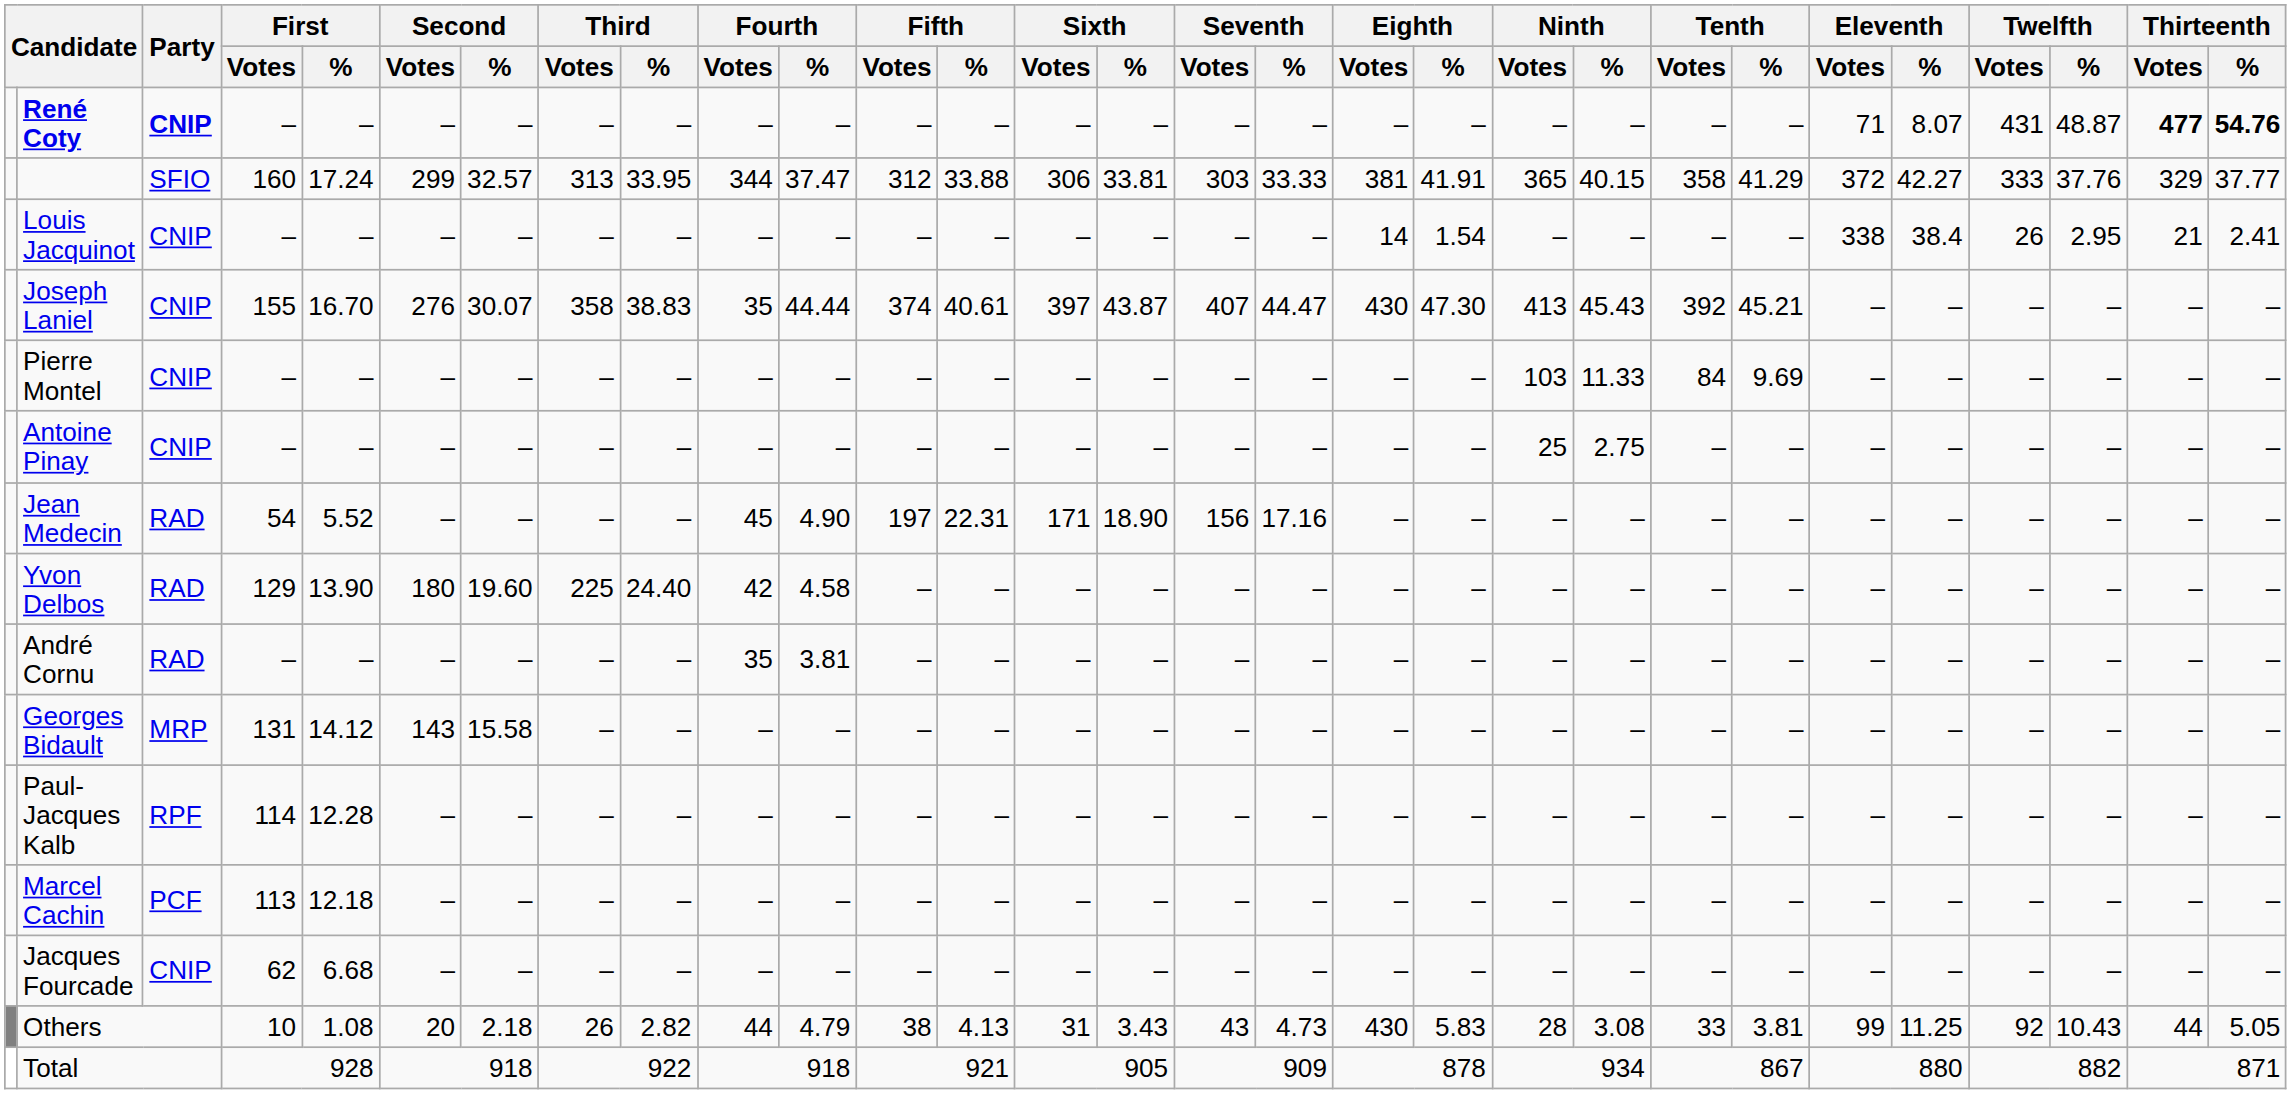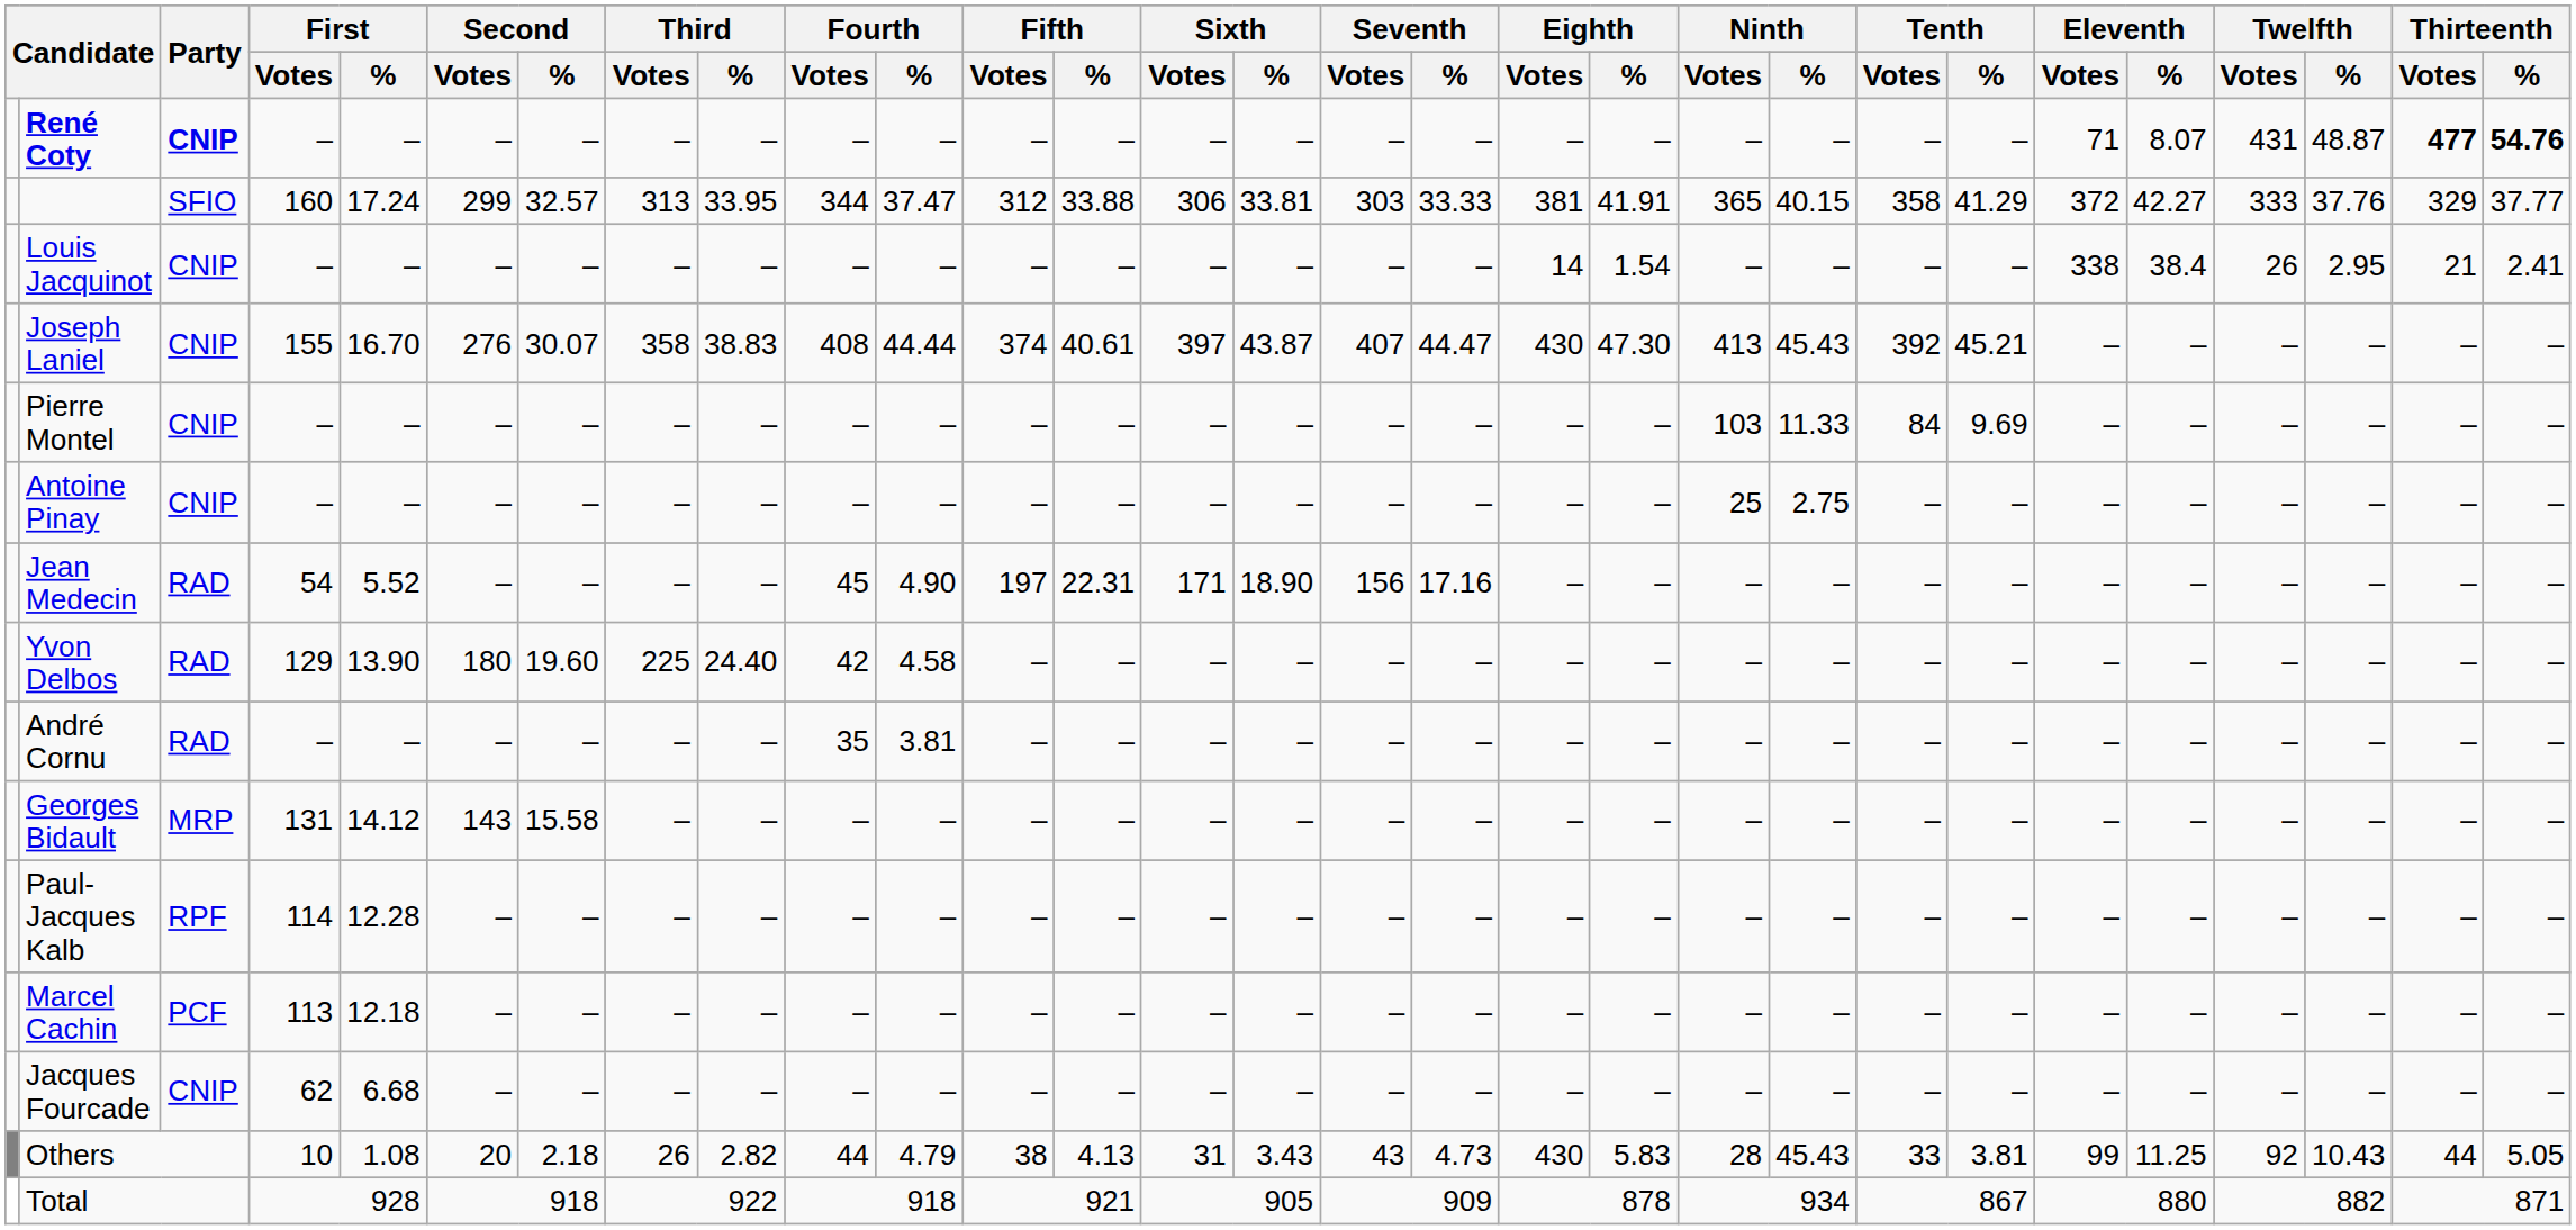 <table class=wikitable style="text-align:right; font-size:95%">
 <tr>
 <th colspan=2 rowspan=2>Candidate</th>
 <th rowspan=2>Party</th>
 <th colspan=2>First</th>
 <th colspan=2>Second</th>
 <th colspan=2>Third</th>
 <th colspan=2>Fourth</th>
 <th colspan=2>Fifth</th>
 <th colspan=2>Sixth</th>
 <th colspan=2>Seventh</th>
 <th colspan=2>Eighth</th>
 <th colspan=2>Ninth</th>
 <th colspan=2>Tenth</th>
 <th colspan=2>Eleventh</th>
 <th colspan=2>Twelfth</th>
 <th colspan=2>Thirteenth</th>
 </tr>
 <tr>
 <th>Votes</th>
 <th>%</th>
 <th>Votes</th>
 <th>%</th>
 <th>Votes</th>
 <th>%</th>
 <th>Votes</th>
 <th>%</th>
 <th>Votes</th>
 <th>%</th>
 <th>Votes</th>
 <th>%</th>
 <th>Votes</th>
 <th>%</th>
 <th>Votes</th>
 <th>%</th>
 <th>Votes</th>
 <th>%</th>
 <th>Votes</th>
 <th>%</th>
 <th>Votes</th>
 <th>%</th>
 <th>Votes</th>
 <th>%</th>
 <th>Votes</th>
 <th>%</th>
 </tr>
 <tr>
 <td style="background-color:"></td>
 <td align="left"><strong><a href='#'>René Coty</a></strong></td>
 <td align="left"><a href='#'><strong>CNIP</strong></a></td>
 <td>–</td>
 <td>–</td>
 <td>–</td>
 <td>–</td>
 <td>–</td>
 <td>–</td>
 <td>–</td>
 <td>–</td>
 <td>–</td>
 <td>–</td>
 <td>–</td>
 <td>–</td>
 <td>–</td>
 <td>–</td>
 <td>–</td>
 <td>–</td>
 <td>–</td>
 <td>–</td>
 <td>–</td>
 <td>–</td>
 <td>71</td>
 <td>8.07</td>
 <td>431</td>
 <td>48.87</td>
 <td><strong>477</strong></td>
 <td><strong>54.76</strong></td>
 </tr>
 <tr>
 <td style="background-color:"></td>
 <td align=left></td>
 <td align=left><a href='#'>SFIO</a></td>
 <td>160</td>
 <td>17.24</td>
 <td>299</td>
 <td>32.57</td>
 <td>313</td>
 <td>33.95</td>
 <td>344</td>
 <td>37.47</td>
 <td>312</td>
 <td>33.88</td>
 <td>306</td>
 <td>33.81</td>
 <td>303</td>
 <td>33.33</td>
 <td>381</td>
 <td>41.91</td>
 <td>365</td>
 <td>40.15</td>
 <td>358</td>
 <td>41.29</td>
 <td>372</td>
 <td>42.27</td>
 <td>333</td>
 <td>37.76</td>
 <td>329</td>
 <td>37.77</td>
 </tr>
 <tr>
 <td style="background-color:"></td>
 <td align="left"><a href='#'>Louis Jacquinot</a></td>
 <td align="left"><a href='#'>CNIP</a></td>
 <td>–</td>
 <td>–</td>
 <td>–</td>
 <td>–</td>
 <td>–</td>
 <td>–</td>
 <td>–</td>
 <td>–</td>
 <td>–</td>
 <td>–</td>
 <td>–</td>
 <td>–</td>
 <td>–</td>
 <td>–</td>
 <td>14</td>
 <td>1.54</td>
 <td>–</td>
 <td>–</td>
 <td>–</td>
 <td>–</td>
 <td>338</td>
 <td>38.4</td>
 <td>26</td>
 <td>2.95</td>
 <td>21</td>
 <td>2.41</td>
 </tr>
 <tr>
 <td style="background-color:"></td>
 <td align=left><a href='#'>Joseph Laniel</a></td>
 <td align=left><a href='#'>CNIP</a></td>
 <td>155</td>
 <td>16.70</td>
 <td>276</td>
 <td>30.07</td>
 <td>358</td>
 <td>38.83</td>
-<td>35</td>
+<td>408</td>
 <td>44.44</td>
 <td>374</td>
 <td>40.61</td>
 <td>397</td>
 <td>43.87</td>
 <td>407</td>
 <td>44.47</td>
 <td>430</td>
 <td>47.30</td>
 <td>413</td>
 <td>45.43</td>
 <td>392</td>
 <td>45.21</td>
 <td>–</td>
 <td>–</td>
 <td>–</td>
 <td>–</td>
 <td>–</td>
 <td>–</td>
 </tr>
 <tr>
 <td style="background-color:"></td>
 <td align="left">Pierre Montel</td>
 <td align="left"><a href='#'>CNIP</a></td>
 <td>–</td>
 <td>–</td>
 <td>–</td>
 <td>–</td>
 <td>–</td>
 <td>–</td>
 <td>–</td>
 <td>–</td>
 <td>–</td>
 <td>–</td>
 <td>–</td>
 <td>–</td>
 <td>–</td>
 <td>–</td>
 <td>–</td>
 <td>–</td>
 <td>103</td>
 <td>11.33</td>
 <td>84</td>
 <td>9.69</td>
 <td>–</td>
 <td>–</td>
 <td>–</td>
 <td>–</td>
 <td>–</td>
 <td>–</td>
 </tr>
 <tr>
 <td style="background-color:"></td>
 <td align="left"><a href='#'>Antoine Pinay</a></td>
 <td align="left"><a href='#'>CNIP</a></td>
 <td>–</td>
 <td>–</td>
 <td>–</td>
 <td>–</td>
 <td>–</td>
 <td>–</td>
 <td>–</td>
 <td>–</td>
 <td>–</td>
 <td>–</td>
 <td>–</td>
 <td>–</td>
 <td>–</td>
 <td>–</td>
 <td>–</td>
 <td>–</td>
 <td>25</td>
 <td>2.75</td>
 <td>–</td>
 <td>–</td>
 <td>–</td>
 <td>–</td>
 <td>–</td>
 <td>–</td>
 <td>–</td>
 <td>–</td>
 </tr>
 <tr>
 <td style="background-color:"></td>
 <td align="left"><a href='#'>Jean Medecin</a></td>
 <td align="left"><a href='#'>RAD</a></td>
 <td>54</td>
 <td>5.52</td>
 <td>–</td>
 <td>–</td>
 <td>–</td>
 <td>–</td>
 <td>45</td>
 <td>4.90</td>
 <td>197</td>
 <td>22.31</td>
 <td>171</td>
 <td>18.90</td>
 <td>156</td>
 <td>17.16</td>
 <td>–</td>
 <td>–</td>
 <td>–</td>
 <td>–</td>
 <td>–</td>
 <td>–</td>
 <td>–</td>
 <td>–</td>
 <td>–</td>
 <td>–</td>
 <td>–</td>
 <td>–</td>
 </tr>
 <tr>
 <td style="background-color:"></td>
 <td align="left"><a href='#'>Yvon Delbos</a></td>
 <td align="left"><a href='#'>RAD</a></td>
 <td>129</td>
 <td>13.90</td>
 <td>180</td>
 <td>19.60</td>
 <td>225</td>
 <td>24.40</td>
 <td>42</td>
 <td>4.58</td>
 <td>–</td>
 <td>–</td>
 <td>–</td>
 <td>–</td>
 <td>–</td>
 <td>–</td>
 <td>–</td>
 <td>–</td>
 <td>–</td>
 <td>–</td>
 <td>–</td>
 <td>–</td>
 <td>–</td>
 <td>–</td>
 <td>–</td>
 <td>–</td>
 <td>–</td>
 <td>–</td>
 </tr>
 <tr>
 <td style="background-color:"></td>
 <td align="left">André Cornu</td>
 <td align="left"><a href='#'>RAD</a></td>
 <td>–</td>
 <td>–</td>
 <td>–</td>
 <td>–</td>
 <td>–</td>
 <td>–</td>
 <td>35</td>
 <td>3.81</td>
 <td>–</td>
 <td>–</td>
 <td>–</td>
 <td>–</td>
 <td>–</td>
 <td>–</td>
 <td>–</td>
 <td>–</td>
 <td>–</td>
 <td>–</td>
 <td>–</td>
 <td>–</td>
 <td>–</td>
 <td>–</td>
 <td>–</td>
 <td>–</td>
 <td>–</td>
 <td>–</td>
 </tr>
 <tr>
 <td style="background-color:"></td>
 <td align=left><a href='#'>Georges Bidault</a></td>
 <td align=left><a href='#'>MRP</a></td>
 <td>131</td>
 <td>14.12</td>
 <td>143</td>
 <td>15.58</td>
 <td>–</td>
 <td>–</td>
 <td>–</td>
 <td>–</td>
 <td>–</td>
 <td>–</td>
 <td>–</td>
 <td>–</td>
 <td>–</td>
 <td>–</td>
 <td>–</td>
 <td>–</td>
 <td>–</td>
 <td>–</td>
 <td>–</td>
 <td>–</td>
 <td>–</td>
 <td>–</td>
 <td>–</td>
 <td>–</td>
 <td>–</td>
 <td>–</td>
 </tr>
 <tr>
 <td style="background-color:"></td>
 <td align=left>Paul-Jacques Kalb</td>
 <td align=left><a href='#'>RPF</a></td>
 <td>114</td>
 <td>12.28</td>
 <td>–</td>
 <td>–</td>
 <td>–</td>
 <td>–</td>
 <td>–</td>
 <td>–</td>
 <td>–</td>
 <td>–</td>
 <td>–</td>
 <td>–</td>
 <td>–</td>
 <td>–</td>
 <td>–</td>
 <td>–</td>
 <td>–</td>
 <td>–</td>
 <td>–</td>
 <td>–</td>
 <td>–</td>
 <td>–</td>
 <td>–</td>
 <td>–</td>
 <td>–</td>
 <td>–</td>
 </tr>
 <tr>
 <td style="background-color:"></td>
 <td align=left><a href='#'>Marcel Cachin</a></td>
 <td align=left><a href='#'>PCF</a></td>
 <td>113</td>
 <td>12.18</td>
 <td>–</td>
 <td>–</td>
 <td>–</td>
 <td>–</td>
 <td>–</td>
 <td>–</td>
 <td>–</td>
 <td>–</td>
 <td>–</td>
 <td>–</td>
 <td>–</td>
 <td>–</td>
 <td>–</td>
 <td>–</td>
 <td>–</td>
 <td>–</td>
 <td>–</td>
 <td>–</td>
 <td>–</td>
 <td>–</td>
 <td>–</td>
 <td>–</td>
 <td>–</td>
 <td>–</td>
 </tr>
 <tr>
 <td style="background-color:"></td>
 <td align=left>Jacques Fourcade</td>
 <td align=left><a href='#'>CNIP</a></td>
 <td>62</td>
 <td>6.68</td>
 <td>–</td>
 <td>–</td>
 <td>–</td>
 <td>–</td>
 <td>–</td>
 <td>–</td>
 <td>–</td>
 <td>–</td>
 <td>–</td>
 <td>–</td>
 <td>–</td>
 <td>–</td>
 <td>–</td>
 <td>–</td>
 <td>–</td>
 <td>–</td>
 <td>–</td>
 <td>–</td>
 <td>–</td>
 <td>–</td>
 <td>–</td>
 <td>–</td>
 <td>–</td>
 <td>–</td>
 </tr>
 <tr>
 <td bgcolor="gray"></td>
 <td colspan=2 align=left>Others</td>
 <td>10</td>
 <td>1.08</td>
 <td>20</td>
 <td>2.18</td>
 <td>26</td>
 <td>2.82</td>
 <td>44</td>
 <td>4.79</td>
 <td>38</td>
 <td>4.13</td>
 <td>31</td>
 <td>3.43</td>
 <td>43</td>
 <td>4.73</td>
 <td>430</td>
 <td>5.83</td>
 <td>28</td>
-<td>3.08</td>
+<td>45.43</td>
 <td>33</td>
 <td>3.81</td>
 <td>99</td>
 <td>11.25</td>
 <td>92</td>
 <td>10.43</td>
 <td>44</td>
 <td>5.05</td>
 </tr>
 <tr>
 <td bgcolor="White"></td>
 <td colspan=2 align=left>Total</td>
 <td colspan="2">928</td>
 <td colspan="2">918</td>
 <td colspan="2">922</td>
 <td colspan="2">918</td>
 <td colspan="2">921</td>
 <td colspan="2">905</td>
 <td colspan="2">909</td>
 <td colspan="2">878</td>
 <td colspan="2">934</td>
 <td colspan="2">867</td>
 <td colspan="2">880</td>
 <td colspan="2">882</td>
 <td colspan="2">871</td>
 </tr>
 </table>
